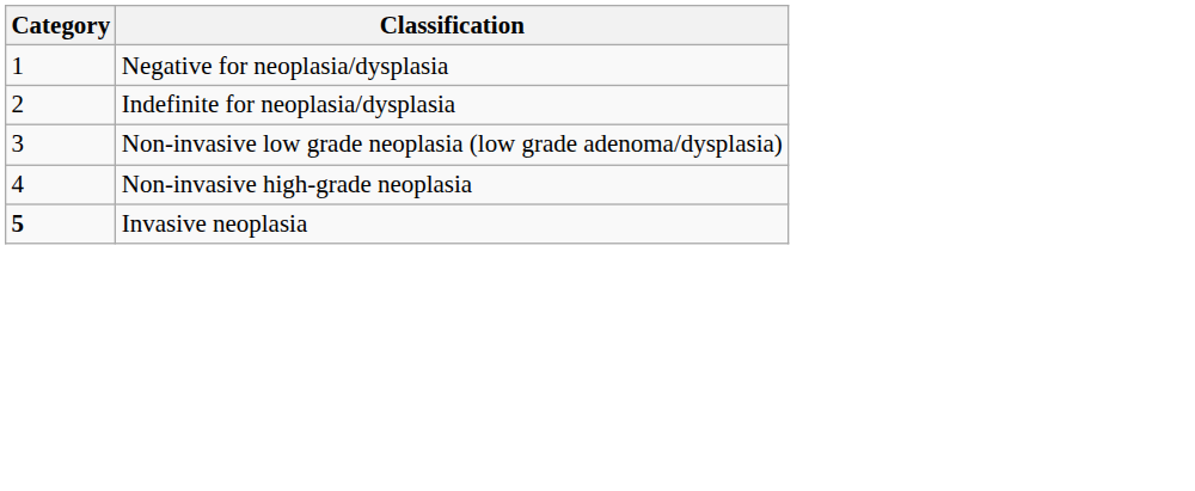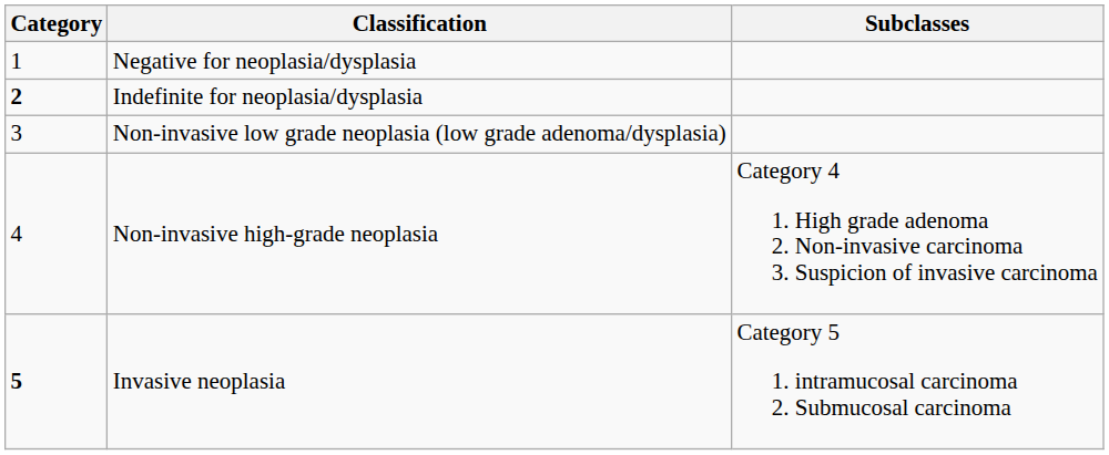 <table class="wikitable">
 <tr>
 <th>Category</th>
 <th>Classification</th>
+<th>Subclasses</th>
 </tr>
 <tr>
 <td>1</td>
 <td>Negative for neoplasia/dysplasia</td>
+<td></td>
 </tr>
 <tr>
-<td>2</td>
+<td><strong>2</strong></td>
 <td>Indefinite for neoplasia/dysplasia</td>
+<td></td>
 </tr>
 <tr>
 <td>3</td>
 <td>Non-invasive low grade neoplasia (low grade adenoma/dysplasia)</td>
+<td></td>
 </tr>
 <tr>
 <td>4</td>
 <td>Non-invasive high-grade neoplasia</td>
+<td>Category 4<br><ol><li>High grade adenoma</li><li>Non-invasive carcinoma</li><li>Suspicion of invasive carcinoma</li></ol></td>
 </tr>
 <tr>
 <td><strong>5</strong></td>
 <td>Invasive neoplasia</td>
+<td>Category 5<br><ol><li>intramucosal carcinoma</li><li>Submucosal carcinoma</li></ol></td>
 </tr>
 </table>
